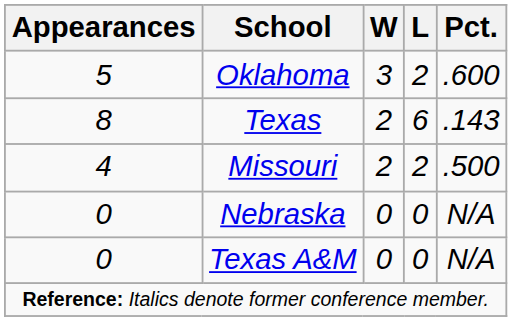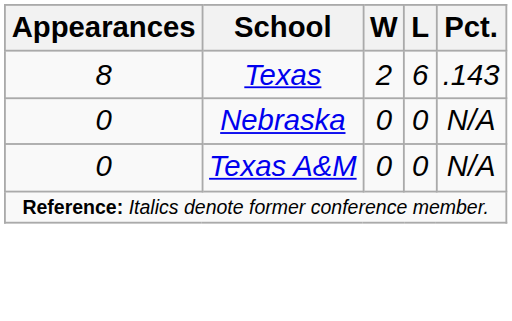 <table class="wikitable sortable" style="text-align:center">
 <tr>
 <th width=px>Appearances</th>
 <th width=px>School</th>
 <th width=px>W</th>
 <th width=px>L</th>
 <th width=px>Pct.</th>
 </tr>
 <tr>
-<td><em>5</em></td>
-<td><em><a href='#'>Oklahoma</a></em></td>
-<td><em>3</em></td>
-<td><em>2</em></td>
-<td><em>.600</em></td>
-</tr>
-<tr>
 <td><em>8</em></td>
 <td><em><a href='#'>Texas</a></em></td>
 <td><em>2</em></td>
 <td><em>6</em></td>
 <td><em>.143</em></td>
-</tr>
-<tr>
-<td><em>4</em></td>
-<td><em><a href='#'>Missouri</a></em></td>
-<td><em>2</em></td>
-<td><em>2</em></td>
-<td><em>.500</em></td>
 </tr>
 <tr>
 <td><em>0</em></td>
 <td><em><a href='#'>Nebraska</a></em></td>
 <td><em>0</em></td>
 <td><em>0</em></td>
 <td><em>N/A</em></td>
 </tr>
 <tr>
 <td><em>0</em></td>
 <td><em><a href='#'>Texas A&M</a></em></td>
 <td><em>0</em></td>
 <td><em>0</em></td>
 <td><em>N/A</em></td>
 </tr>
 <tr>
 <td colspan="5"  style="font-size:8pt; text-align:center;"><strong>Reference:</strong> <em>Italics denote former conference member.</em></td>
 </tr>
 </table>
